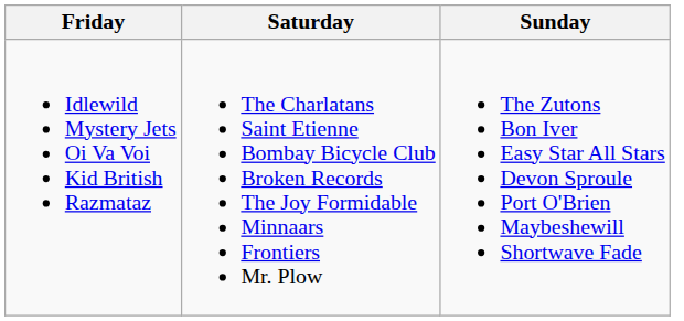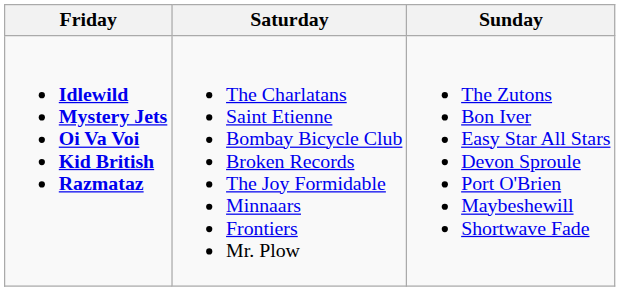 <table class="wikitable">
 <tr>
 <th>Friday</th>
 <th>Saturday</th>
 <th>Sunday</th>
 </tr>
 <tr>
-<td valign=top><br><ul><li><a href='#'>Idlewild</a></li><li><a href='#'>Mystery Jets</a></li><li><a href='#'>Oi Va Voi</a></li><li><a href='#'>Kid British</a></li><li><a href='#'>Razmataz</a></li></ul></td>
+<td valign=top><strong><br><ul><li><a href='#'>Idlewild</a></li><li><a href='#'>Mystery Jets</a></li><li><a href='#'>Oi Va Voi</a></li><li><a href='#'>Kid British</a></li><li><a href='#'>Razmataz</a></li></ul></strong></td>
 <td valign=top><br><ul><li><a href='#'>The Charlatans</a></li><li><a href='#'>Saint Etienne</a></li><li><a href='#'>Bombay Bicycle Club</a></li><li><a href='#'>Broken Records</a></li><li><a href='#'>The Joy Formidable</a></li><li><a href='#'>Minnaars</a></li><li><a href='#'>Frontiers</a></li><li>Mr. Plow</li></ul></td>
 <td valign=top><br><ul><li><a href='#'>The Zutons</a></li><li><a href='#'>Bon Iver</a></li><li><a href='#'>Easy Star All Stars</a></li><li><a href='#'>Devon Sproule</a></li><li><a href='#'>Port O'Brien</a></li><li><a href='#'>Maybeshewill</a></li><li><a href='#'>Shortwave Fade</a></li></ul></td>
 </tr>
 </table>
